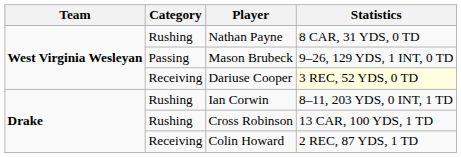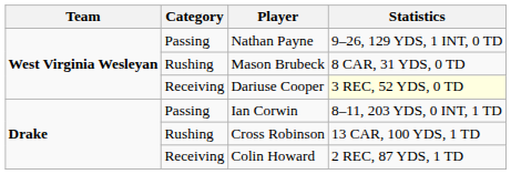 <table class="wikitable" style="float: right;">
 <tr>
 <th>Team</th>
 <th>Category</th>
 <th>Player</th>
 <th>Statistics</th>
 </tr>
 <tr>
 <td rowspan=3><strong>West Virginia Wesleyan</strong></td>
-<td>Rushing</td>
+<td>Passing</td>
 <td>Nathan Payne</td>
-<td>8 CAR, 31 YDS, 0 TD</td>
+<td>9–26, 129 YDS, 1 INT, 0 TD</td>
 </tr>
 <tr>
-<td>Passing</td>
+<td>Rushing</td>
 <td>Mason Brubeck</td>
-<td>9–26, 129 YDS, 1 INT, 0 TD</td>
+<td>8 CAR, 31 YDS, 0 TD</td>
 </tr>
 <tr>
 <td>Receiving</td>
 <td>Dariuse Cooper</td>
 <td style="background: lightyellow;">3 REC, 52 YDS, 0 TD</td>
 </tr>
 <tr>
 <td rowspan=3><strong>Drake</strong></td>
-<td>Rushing</td>
+<td>Passing</td>
 <td>Ian Corwin</td>
 <td>8–11, 203 YDS, 0 INT, 1 TD</td>
 </tr>
 <tr>
 <td>Rushing</td>
 <td>Cross Robinson</td>
 <td>13 CAR, 100 YDS, 1 TD</td>
 </tr>
 <tr>
 <td>Receiving</td>
 <td>Colin Howard</td>
 <td>2 REC, 87 YDS, 1 TD</td>
 </tr>
 </table>
